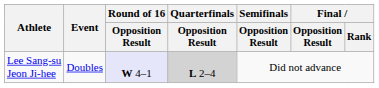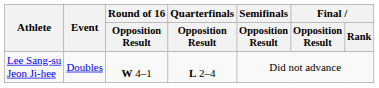 <table class="wikitable" style="font-size:90%; text-align:center">
 <tr>
 <th rowspan="2">Athlete</th>
 <th rowspan="2">Event</th>
 <th>Round of 16</th>
 <th>Quarterfinals</th>
 <th>Semifinals</th>
 <th colspan="2">Final / </th>
 </tr>
 <tr style="font-size:95%">
 <th>Opposition<br>Result</th>
 <th>Opposition<br>Result</th>
 <th>Opposition<br>Result</th>
 <th>Opposition<br>Result</th>
 <th>Rank</th>
 </tr>
 <tr>
 <td style="text-align:left"><a href='#'>Lee Sang-su</a><br><a href='#'>Jeon Ji-hee</a></td>
 <td style="text-align:left"><a href='#'>Doubles</a></td>
-<td style="background: lavender;"><br> <strong>W</strong> 4–1</td>
-<td style="background: lightgrey;"><br> <strong>L</strong> 2–4</td>
+<td><br> <strong>W</strong> 4–1</td>
+<td><br> <strong>L</strong> 2–4</td>
 <td colspan="3">Did not advance</td>
 </tr>
 </table>
